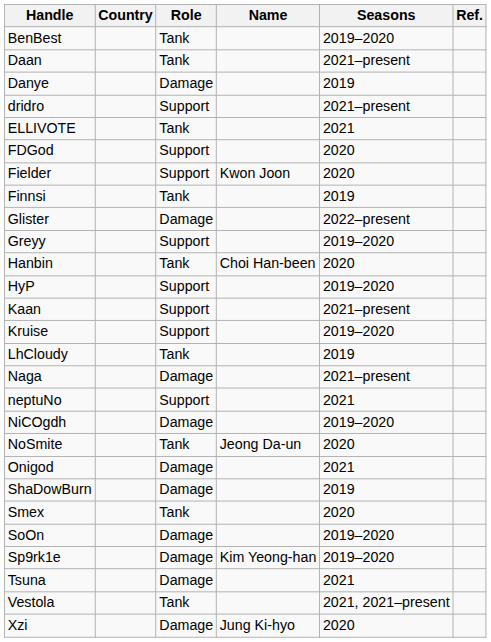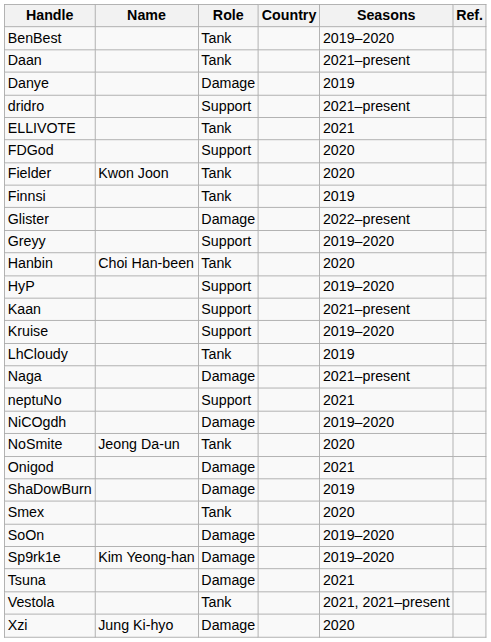 <table class="wikitable sortable" style="text-align:left;">
 <tr>
 <th style="background-color:#">Handle</th>
+<th style="background-color:#">Name</th>
+<th style="background-color:#">Role</th>
 <th style="background-color:#">Country</th>
-<th style="background-color:#">Role</th>
-<th style="background-color:#">Name</th>
 <th style="background-color:#">Seasons</th>
 <th style="background-color:#">Ref.</th>
 </tr>
 <tr>
 <td>BenBest</td>
 <td></td>
 <td>Tank</td>
 <td></td>
 <td>2019–2020</td>
 <td></td>
 </tr>
 <tr>
 <td>Daan</td>
 <td></td>
 <td>Tank</td>
 <td></td>
 <td>2021–present</td>
 <td></td>
 </tr>
 <tr>
 <td>Danye</td>
 <td></td>
 <td>Damage</td>
 <td></td>
 <td>2019</td>
 <td></td>
 </tr>
 <tr>
 <td>dridro</td>
 <td></td>
 <td>Support</td>
 <td></td>
 <td>2021–present</td>
 <td></td>
 </tr>
 <tr>
 <td>ELLIVOTE</td>
 <td></td>
 <td>Tank</td>
 <td></td>
 <td>2021</td>
 <td></td>
 </tr>
 <tr>
 <td>FDGod</td>
 <td></td>
 <td>Support</td>
 <td></td>
 <td>2020</td>
 <td></td>
 </tr>
 <tr>
 <td>Fielder</td>
+<td>Kwon Joon</td>
+<td>Tank</td>
 <td></td>
-<td>Support</td>
-<td>Kwon Joon</td>
 <td>2020</td>
 <td></td>
 </tr>
 <tr>
 <td>Finnsi</td>
 <td></td>
 <td>Tank</td>
 <td></td>
 <td>2019</td>
 <td></td>
 </tr>
 <tr>
 <td>Glister</td>
 <td></td>
 <td>Damage</td>
 <td></td>
 <td>2022–present</td>
 <td></td>
 </tr>
 <tr>
 <td>Greyy</td>
 <td></td>
 <td>Support</td>
 <td></td>
 <td>2019–2020</td>
 <td></td>
 </tr>
 <tr>
 <td>Hanbin</td>
+<td>Choi Han-been</td>
+<td>Tank</td>
 <td></td>
-<td>Tank</td>
-<td>Choi Han-been</td>
 <td>2020</td>
 <td></td>
 </tr>
 <tr>
 <td>HyP</td>
 <td></td>
 <td>Support</td>
 <td></td>
 <td>2019–2020</td>
 <td></td>
 </tr>
 <tr>
 <td>Kaan</td>
 <td></td>
 <td>Support</td>
 <td></td>
 <td>2021–present</td>
 <td></td>
 </tr>
 <tr>
 <td>Kruise</td>
 <td></td>
 <td>Support</td>
 <td></td>
 <td>2019–2020</td>
 <td></td>
 </tr>
 <tr>
 <td>LhCloudy</td>
 <td></td>
 <td>Tank</td>
 <td></td>
 <td>2019</td>
 <td></td>
 </tr>
 <tr>
 <td>Naga</td>
 <td></td>
 <td>Damage</td>
 <td></td>
 <td>2021–present</td>
 <td></td>
 </tr>
 <tr>
 <td>neptuNo</td>
 <td></td>
 <td>Support</td>
 <td></td>
 <td>2021</td>
 <td></td>
 </tr>
 <tr>
 <td>NiCOgdh</td>
 <td></td>
 <td>Damage</td>
 <td></td>
 <td>2019–2020</td>
 <td></td>
 </tr>
 <tr>
 <td>NoSmite</td>
+<td>Jeong Da-un</td>
+<td>Tank</td>
 <td></td>
-<td>Tank</td>
-<td>Jeong Da-un</td>
 <td>2020</td>
 <td></td>
 </tr>
 <tr>
 <td>Onigod</td>
 <td></td>
 <td>Damage</td>
 <td></td>
 <td>2021</td>
 <td></td>
 </tr>
 <tr>
 <td>ShaDowBurn</td>
 <td></td>
 <td>Damage</td>
 <td></td>
 <td>2019</td>
 <td></td>
 </tr>
 <tr>
 <td>Smex</td>
 <td></td>
 <td>Tank</td>
 <td></td>
 <td>2020</td>
 <td></td>
 </tr>
 <tr>
 <td>SoOn</td>
 <td></td>
 <td>Damage</td>
 <td></td>
 <td>2019–2020</td>
 <td></td>
 </tr>
 <tr>
 <td>Sp9rk1e</td>
+<td>Kim Yeong-han</td>
+<td>Damage</td>
 <td></td>
-<td>Damage</td>
-<td>Kim Yeong-han</td>
 <td>2019–2020</td>
 <td></td>
 </tr>
 <tr>
 <td>Tsuna</td>
 <td></td>
 <td>Damage</td>
 <td></td>
 <td>2021</td>
 <td></td>
 </tr>
 <tr>
 <td>Vestola</td>
 <td></td>
 <td>Tank</td>
 <td></td>
 <td>2021, 2021–present</td>
 <td></td>
 </tr>
 <tr>
 <td>Xzi</td>
+<td>Jung Ki-hyo</td>
+<td>Damage</td>
 <td></td>
-<td>Damage</td>
-<td>Jung Ki-hyo</td>
 <td>2020</td>
 <td></td>
 </tr>
 </table>
